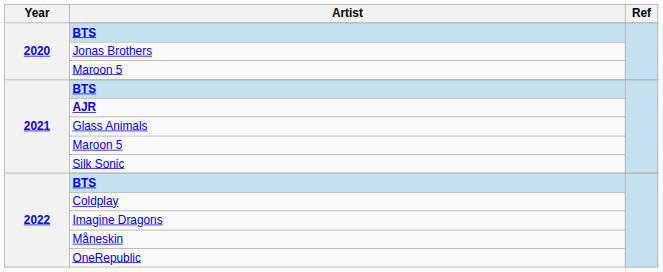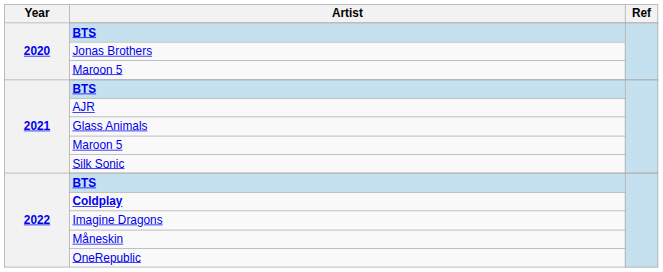 <table class="wikitable" width="100%">
 <tr>
 <th width="10%">Year</th>
 <th width="85%">Artist</th>
 <th width="5%">Ref</th>
 </tr>
 <tr>
 <th rowspan="4" align="center"><a href='#'>2020<br></a></th>
 </tr>
 <tr style="background:#c5e1f0">
 <td><strong><a href='#'>BTS</a></strong></td>
 <td rowspan=3 align="center"></td>
 </tr>
 <tr>
 <td><a href='#'>Jonas Brothers</a></td>
 </tr>
 <tr>
 <td><a href='#'>Maroon 5</a></td>
 </tr>
 <tr>
 <th rowspan="6" align="center"><a href='#'>2021<br></a></th>
 </tr>
 <tr style="background:#c5e1f0">
 <td><strong><a href='#'>BTS</a></strong></td>
 <td rowspan=5 align="center"></td>
 </tr>
 <tr>
-<td><strong><a href='#'>AJR</a></strong></td>
+<td><a href='#'>AJR</a></td>
 </tr>
 <tr>
 <td><a href='#'>Glass Animals</a></td>
 </tr>
 <tr>
 <td><a href='#'>Maroon 5</a></td>
 </tr>
 <tr>
 <td><a href='#'>Silk Sonic</a></td>
 </tr>
 <tr>
 <th rowspan="6" align="center"><a href='#'>2022<br></a></th>
 </tr>
 <tr style="background:#c5e1f0">
 <td><strong><a href='#'>BTS</a></strong></td>
 <td rowspan="5" align="center"></td>
 </tr>
 <tr>
-<td><a href='#'>Coldplay</a></td>
+<td><strong><a href='#'>Coldplay</a></strong></td>
 </tr>
 <tr>
 <td><a href='#'>Imagine Dragons</a></td>
 </tr>
 <tr>
 <td><a href='#'>Måneskin</a></td>
 </tr>
 <tr>
 <td><a href='#'>OneRepublic</a></td>
 </tr>
 </table>
